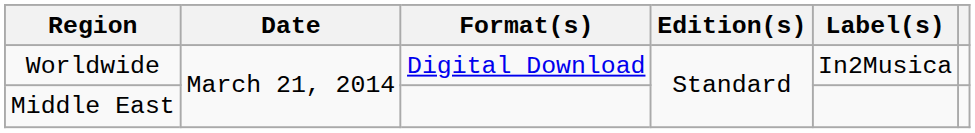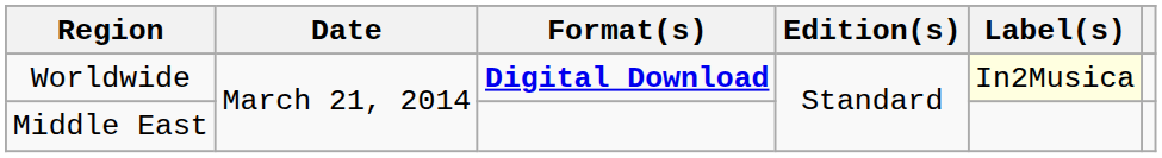 <table class="wikitable unsortable" style="text-align:center;">
 <tr>
 <th scope="col">Region</th>
 <th scope="col">Date</th>
 <th scope="col">Format(s)</th>
 <th scope="col">Edition(s)</th>
 <th scope="col">Label(s)</th>
 <th scope="col"></th>
 </tr>
 <tr>
 <td>Worldwide</td>
 <td rowspan="5">March 21, 2014</td>
-<td><a href='#'>Digital Download</a></td>
+<td><strong><a href='#'>Digital Download</a></strong></td>
 <td rowspan="5">Standard</td>
-<td>In2Musica</td>
+<td style="background: lightyellow;">In2Musica</td>
 <td></td>
 </tr>
 <tr>
 <td>Middle East</td>
 <td></td>
 <td rowspan="2"></td>
 <td></td>
 </tr>
 </table>
